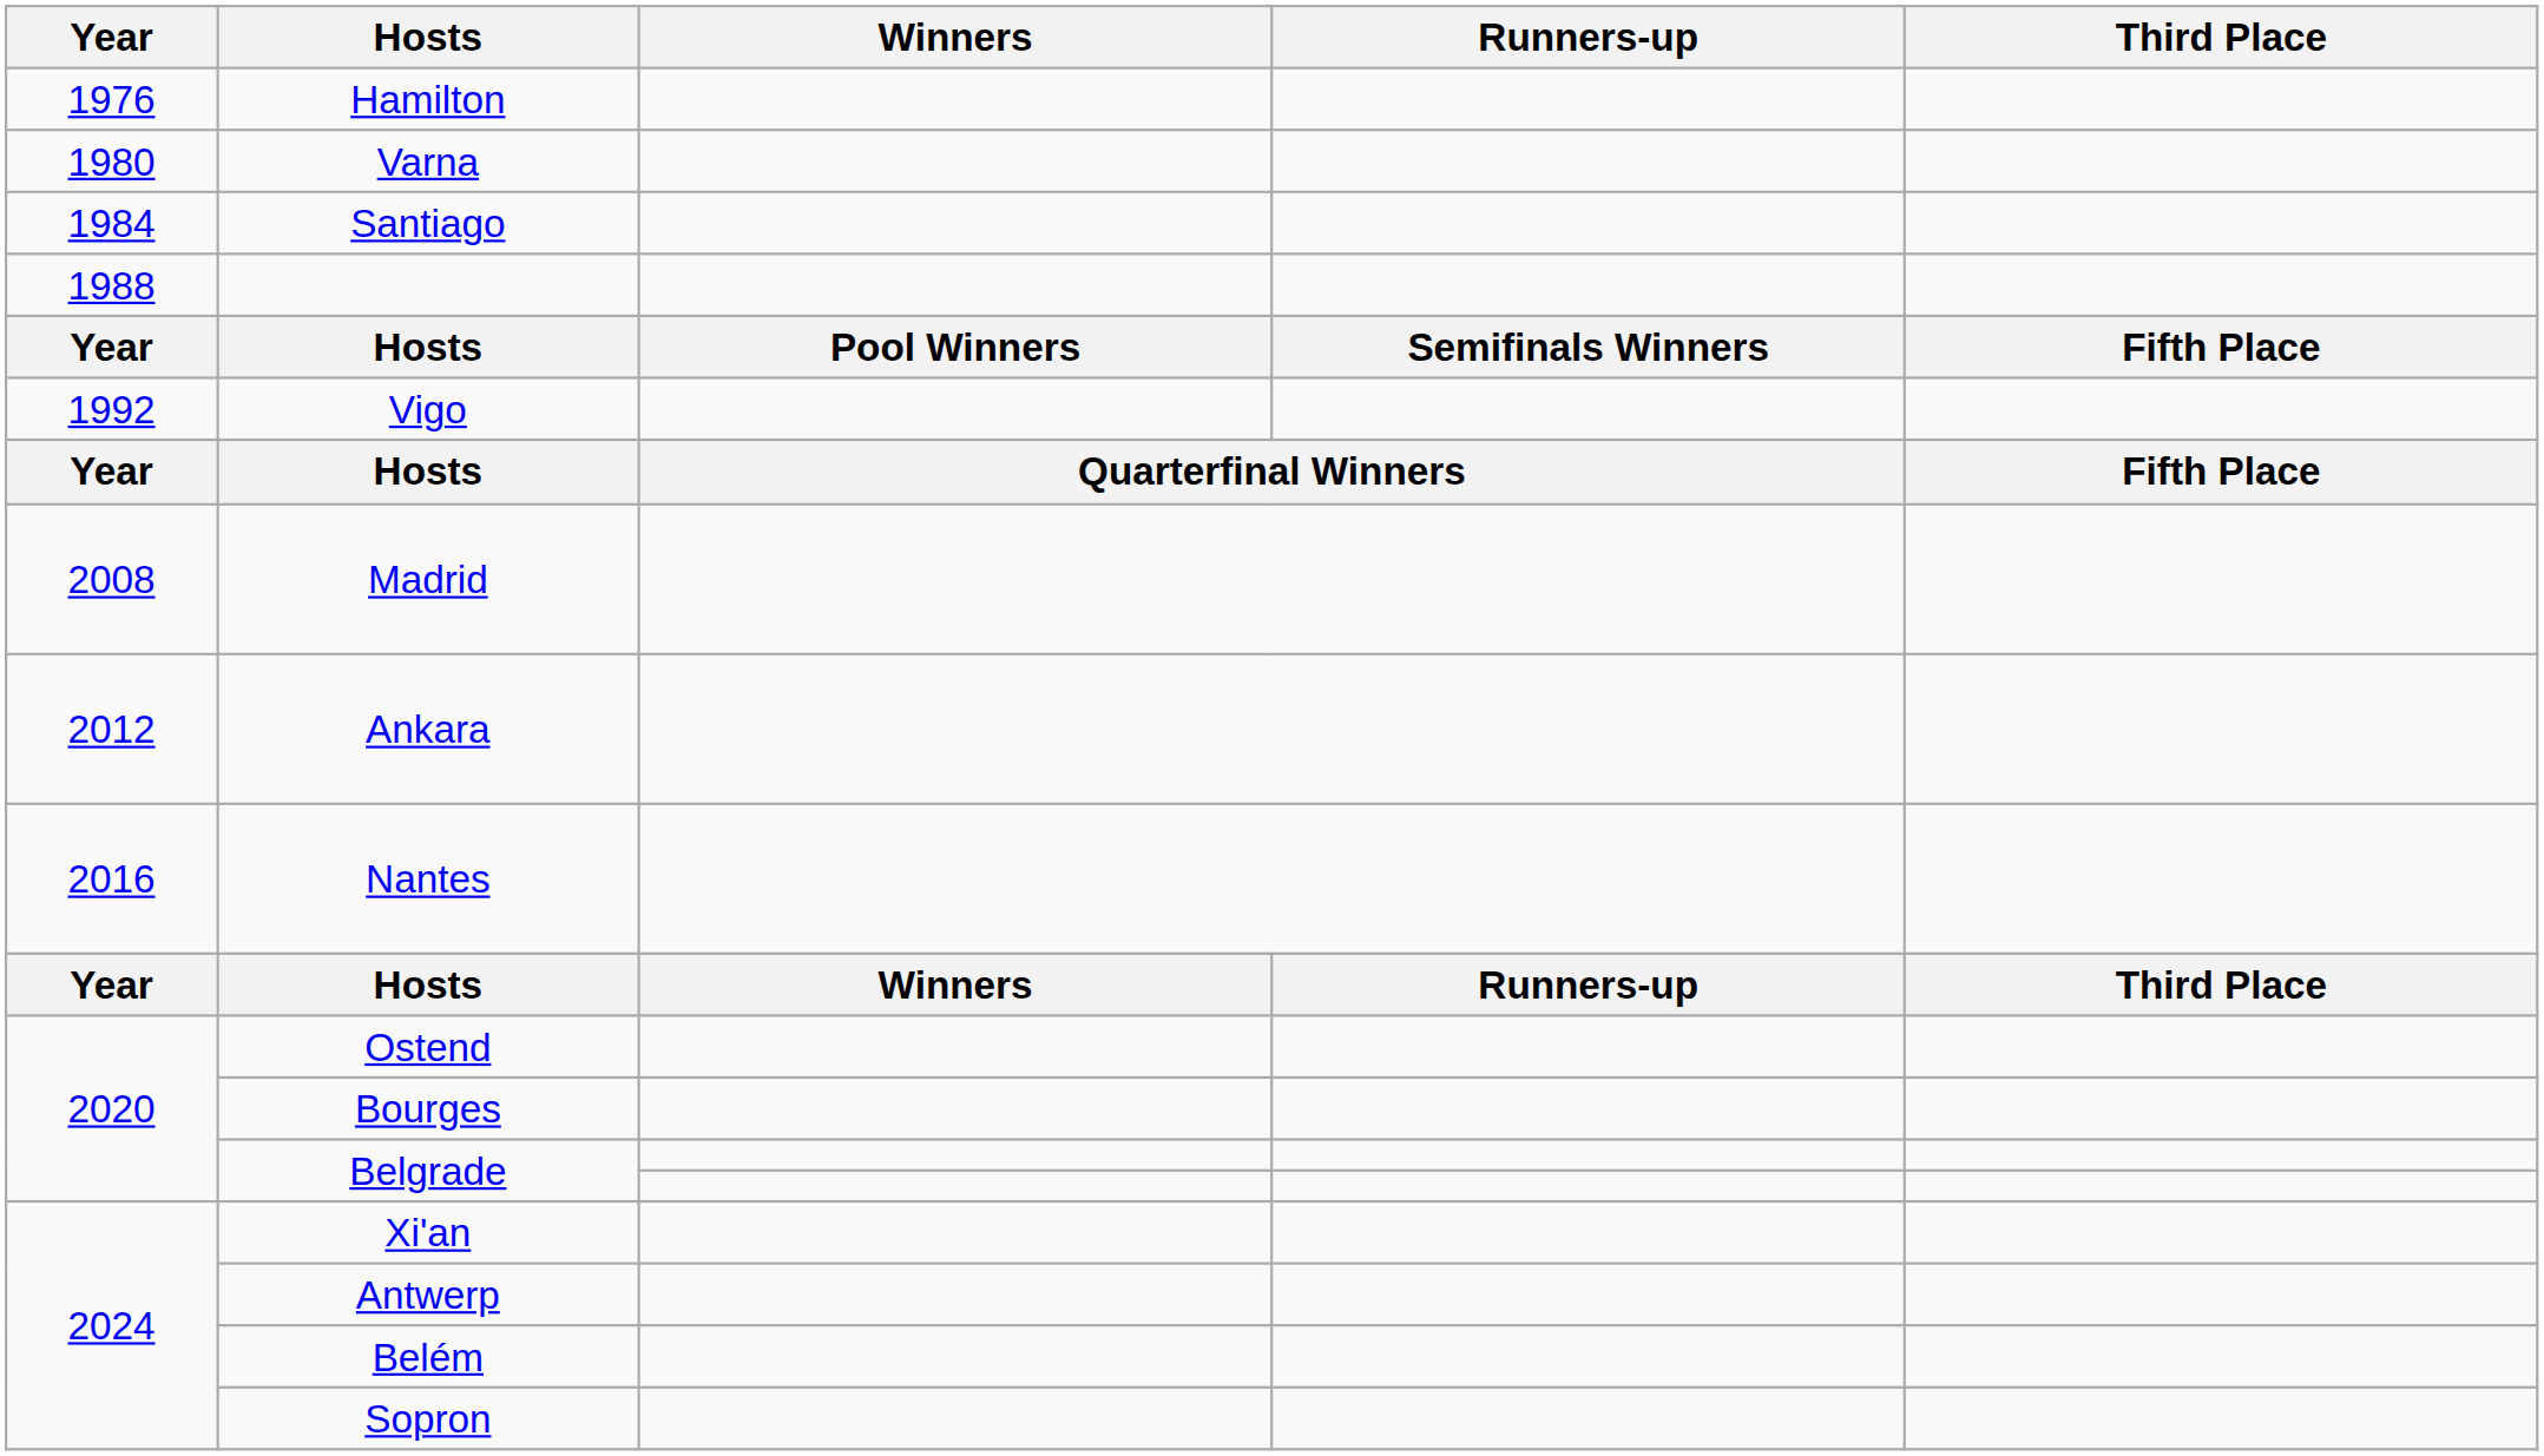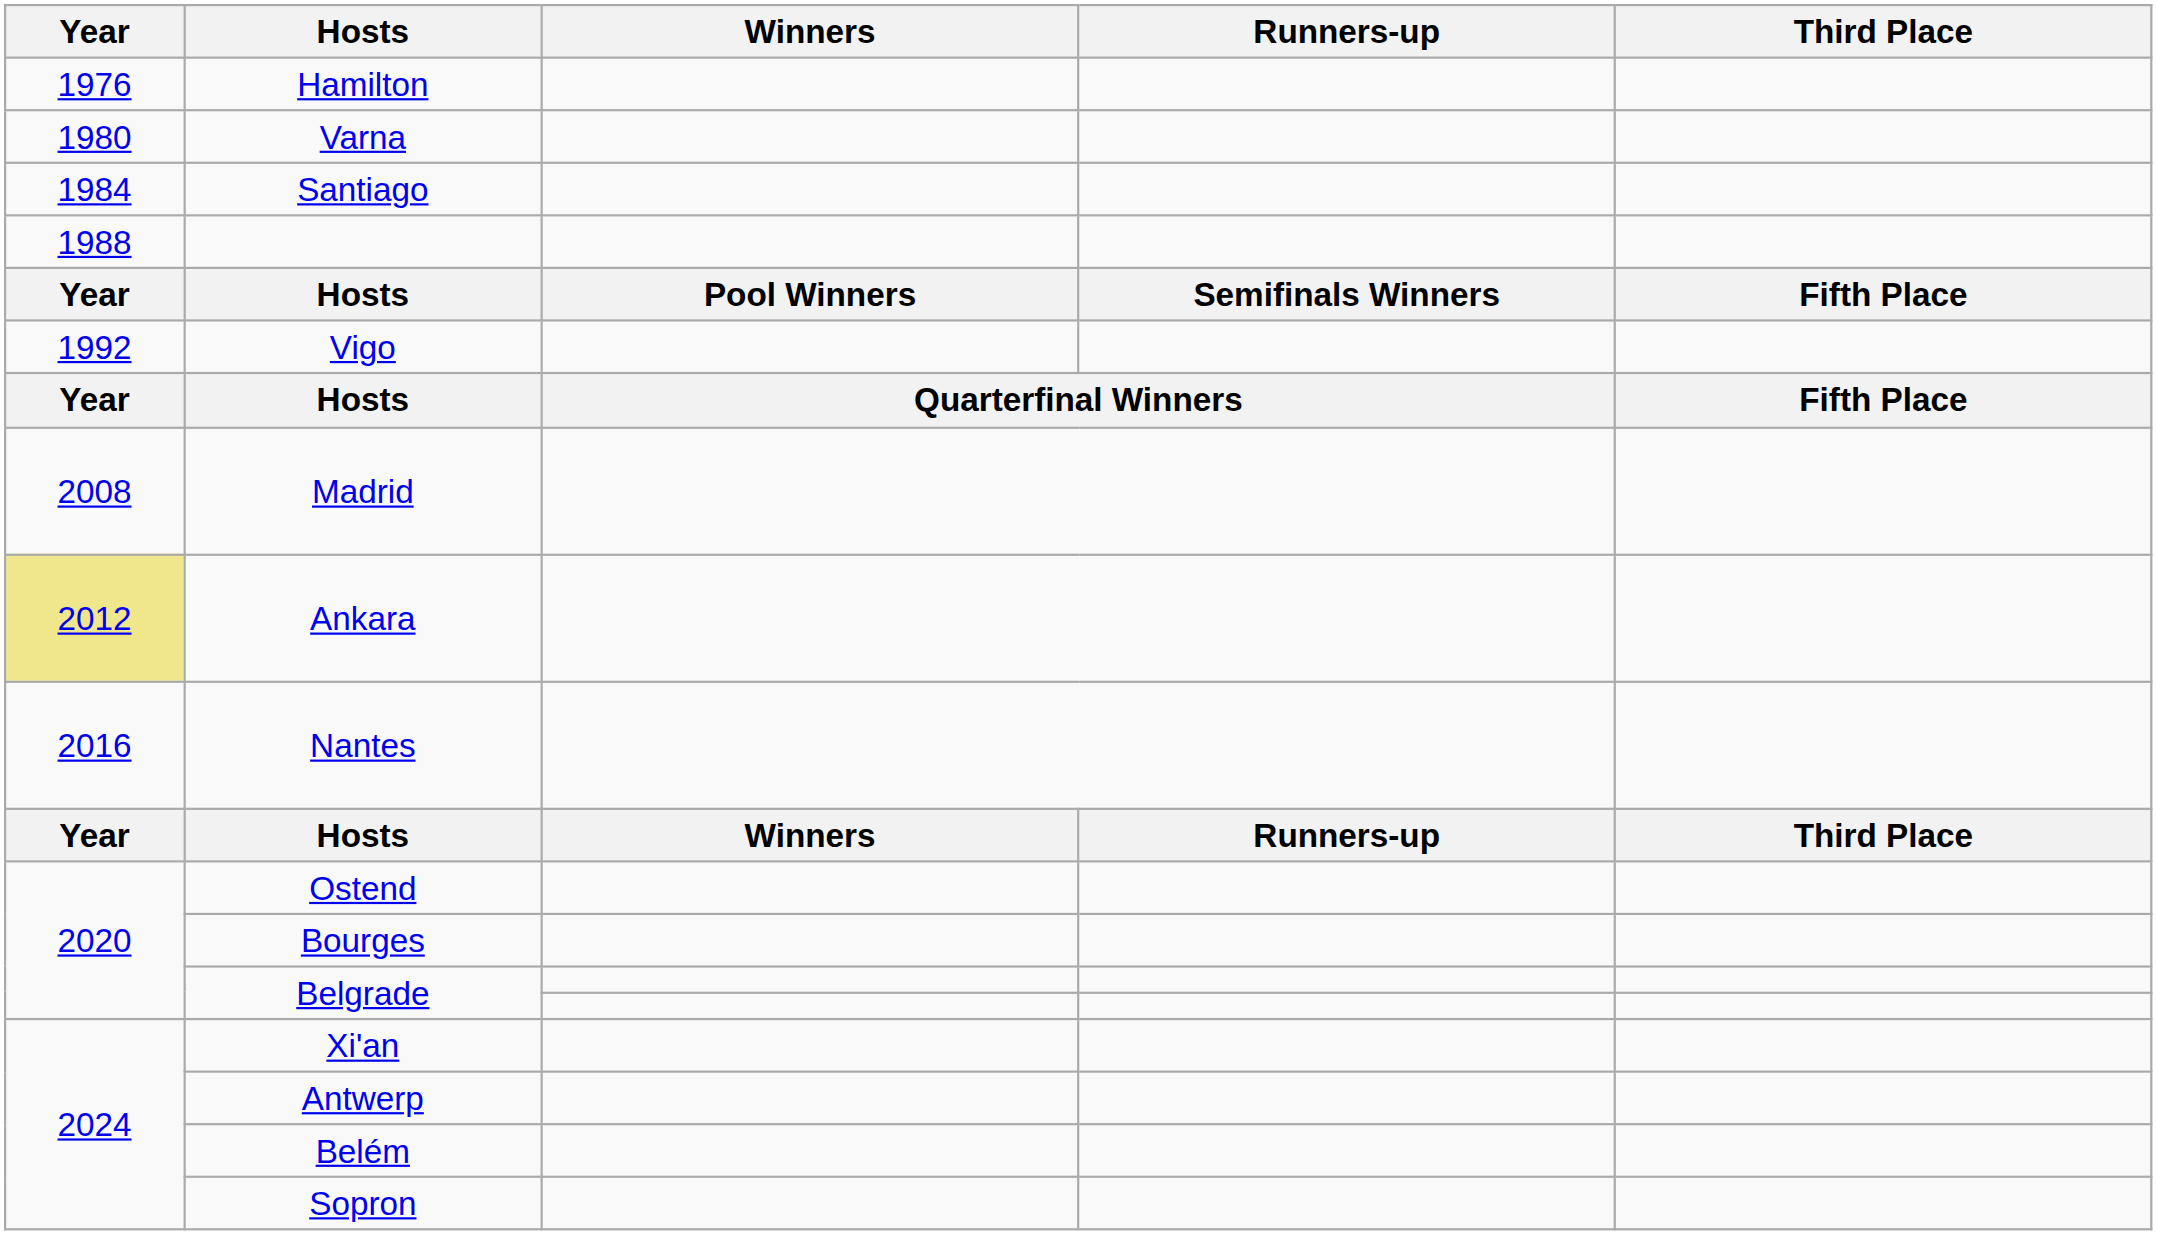 <table class="wikitable" style="text-align:center; font-size:95%">
 <tr>
 <th width="5%">Year</th>
 <th width="10%">Hosts</th>
 <th width="15%">Winners</th>
 <th width="15%">Runners-up</th>
 <th width="15%">Third Place</th>
 </tr>
 <tr>
 <td><a href='#'>1976</a></td>
 <td> <a href='#'>Hamilton</a></td>
 <td></td>
 <td></td>
 <td></td>
 </tr>
 <tr>
 <td><a href='#'>1980</a></td>
 <td> <a href='#'>Varna</a></td>
 <td></td>
 <td></td>
 <td></td>
 </tr>
 <tr>
 <td><a href='#'>1984</a></td>
 <td> <a href='#'>Santiago</a></td>
 <td></td>
 <td></td>
 <td></td>
 </tr>
 <tr>
 <td><a href='#'>1988</a></td>
 <td></td>
 <td></td>
 <td></td>
 <td></td>
 </tr>
 <tr>
 <th>Year</th>
 <th>Hosts</th>
 <th>Pool Winners</th>
 <th>Semifinals Winners</th>
 <th>Fifth Place</th>
 </tr>
 <tr>
 <td><a href='#'>1992</a></td>
 <td> <a href='#'>Vigo</a></td>
 <td><br></td>
 <td><br></td>
 <td></td>
 </tr>
 <tr>
 <th>Year</th>
 <th>Hosts</th>
 <th colspan=2>Quarterfinal Winners</th>
 <th>Fifth Place</th>
 </tr>
 <tr>
 <td><a href='#'>2008</a></td>
 <td> <a href='#'>Madrid</a></td>
 <td colspan=2><br><br><br></td>
 <td></td>
 </tr>
 <tr>
-<td><a href='#'>2012</a></td>
+<td style="background: khaki;"><a href='#'>2012</a></td>
 <td> <a href='#'>Ankara</a></td>
 <td colspan=2><br><br><br></td>
 <td></td>
 </tr>
 <tr>
 <td><a href='#'>2016</a></td>
 <td> <a href='#'>Nantes</a></td>
 <td colspan=2><br><br><br></td>
 <td></td>
 </tr>
 <tr>
 <th width="5%">Year</th>
 <th width="10%">Hosts</th>
 <th width="15%">Winners</th>
 <th width="15%">Runners-up</th>
 <th width="15%">Third Place</th>
 </tr>
 <tr>
 <td rowspan=4><a href='#'>2020</a></td>
 <td> <a href='#'>Ostend</a></td>
 <td></td>
 <td></td>
 <td></td>
 </tr>
 <tr>
 <td> <a href='#'>Bourges</a></td>
 <td></td>
 <td></td>
 <td></td>
 </tr>
 <tr>
 <td rowspan=2> <a href='#'>Belgrade</a></td>
 <td></td>
 <td></td>
 <td></td>
 </tr>
 <tr>
 <td></td>
 <td></td>
 <td></td>
 </tr>
 <tr>
 <td rowspan=4><a href='#'>2024</a></td>
 <td> <a href='#'>Xi'an</a></td>
 <td></td>
 <td></td>
 <td></td>
 </tr>
 <tr>
 <td> <a href='#'>Antwerp</a></td>
 <td></td>
 <td></td>
 <td></td>
 </tr>
 <tr>
 <td> <a href='#'>Belém</a></td>
 <td></td>
 <td></td>
 <td></td>
 </tr>
 <tr>
 <td> <a href='#'>Sopron</a></td>
 <td></td>
 <td></td>
 <td></td>
 </tr>
 </table>
